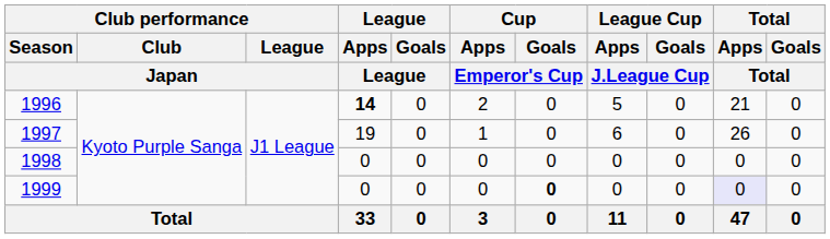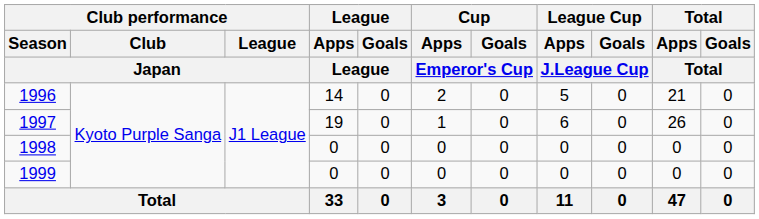 <table class="wikitable" style="text-align:center;">
 <tr>
 <th colspan=3>Club performance</th>
 <th colspan=2>League</th>
 <th colspan=2>Cup</th>
 <th colspan=2>League Cup</th>
 <th colspan=2>Total</th>
 </tr>
 <tr>
 <th>Season</th>
 <th>Club</th>
 <th>League</th>
 <th>Apps</th>
 <th>Goals</th>
 <th>Apps</th>
 <th>Goals</th>
 <th>Apps</th>
 <th>Goals</th>
 <th>Apps</th>
 <th>Goals</th>
 </tr>
 <tr>
 <th colspan=3>Japan</th>
 <th colspan=2>League</th>
 <th colspan=2><a href='#'>Emperor's Cup</a></th>
 <th colspan=2><a href='#'>J.League Cup</a></th>
 <th colspan=2>Total</th>
 </tr>
 <tr>
 <td><a href='#'>1996</a></td>
 <td rowspan="4"><a href='#'>Kyoto Purple Sanga</a></td>
 <td rowspan="4"><a href='#'>J1 League</a></td>
-<td><strong>14</strong></td>
+<td>14</td>
 <td>0</td>
 <td>2</td>
 <td>0</td>
 <td>5</td>
 <td>0</td>
 <td>21</td>
 <td>0</td>
 </tr>
 <tr>
 <td><a href='#'>1997</a></td>
 <td>19</td>
 <td>0</td>
 <td>1</td>
 <td>0</td>
 <td>6</td>
 <td>0</td>
 <td>26</td>
 <td>0</td>
 </tr>
 <tr>
 <td><a href='#'>1998</a></td>
 <td>0</td>
 <td>0</td>
 <td>0</td>
 <td>0</td>
 <td>0</td>
 <td>0</td>
 <td>0</td>
 <td>0</td>
 </tr>
 <tr>
 <td><a href='#'>1999</a></td>
 <td>0</td>
 <td>0</td>
 <td>0</td>
-<td><strong>0</strong></td>
 <td>0</td>
 <td>0</td>
-<td style="background: lavender;">0</td>
+<td>0</td>
+<td>0</td>
 <td>0</td>
 </tr>
 <tr>
 <th colspan=3>Total</th>
 <th>33</th>
 <th>0</th>
 <th>3</th>
 <th>0</th>
 <th>11</th>
 <th>0</th>
 <th>47</th>
 <th>0</th>
 </tr>
 </table>
